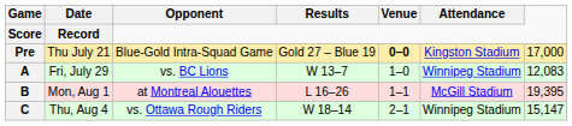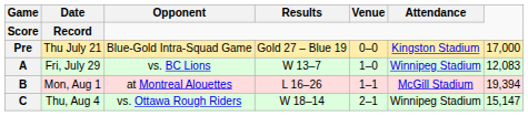 <table class="wikitable" style="text-align:center">
 <tr>
 <th>Game</th>
 <th>Date</th>
 <th>Opponent</th>
 <th>Results</th>
 <th>Venue</th>
 <th>Attendance</th>
 </tr>
 <tr>
 <th>Score</th>
 <th>Record</th>
 </tr>
 <tr style="background: #ffeeaa;">
 <th>Pre</th>
 <td>Thu July 21</td>
 <td>Blue-Gold Intra-Squad Game</td>
 <td>Gold 27 – Blue 19</td>
-<td><strong>0–0</strong></td>
+<td>0–0</td>
 <td><a href='#'>Kingston Stadium</a></td>
 <td>17,000</td>
 </tr>
 <tr style="background: #ddffdd;">
 <th>A</th>
 <td>Fri, July 29</td>
 <td>vs. <a href='#'>BC Lions</a></td>
 <td>W 13–7</td>
 <td>1–0</td>
 <td><a href='#'>Winnipeg Stadium</a></td>
 <td>12,083</td>
 </tr>
 <tr style="background: #ffdddd;">
 <th>B</th>
 <td>Mon, Aug 1</td>
 <td>at <a href='#'>Montreal Alouettes</a></td>
 <td>L 16–26</td>
 <td>1–1</td>
 <td><a href='#'>McGill Stadium</a></td>
-<td>19,395</td>
+<td>19,394</td>
 </tr>
 <tr style="background:#ddffdd;">
 <th>C</th>
 <td>Thu, Aug 4</td>
 <td>vs. <a href='#'>Ottawa Rough Riders</a></td>
 <td>W 18–14</td>
 <td>2–1</td>
 <td>Winnipeg Stadium</td>
 <td>15,147</td>
 </tr>
 </table>
